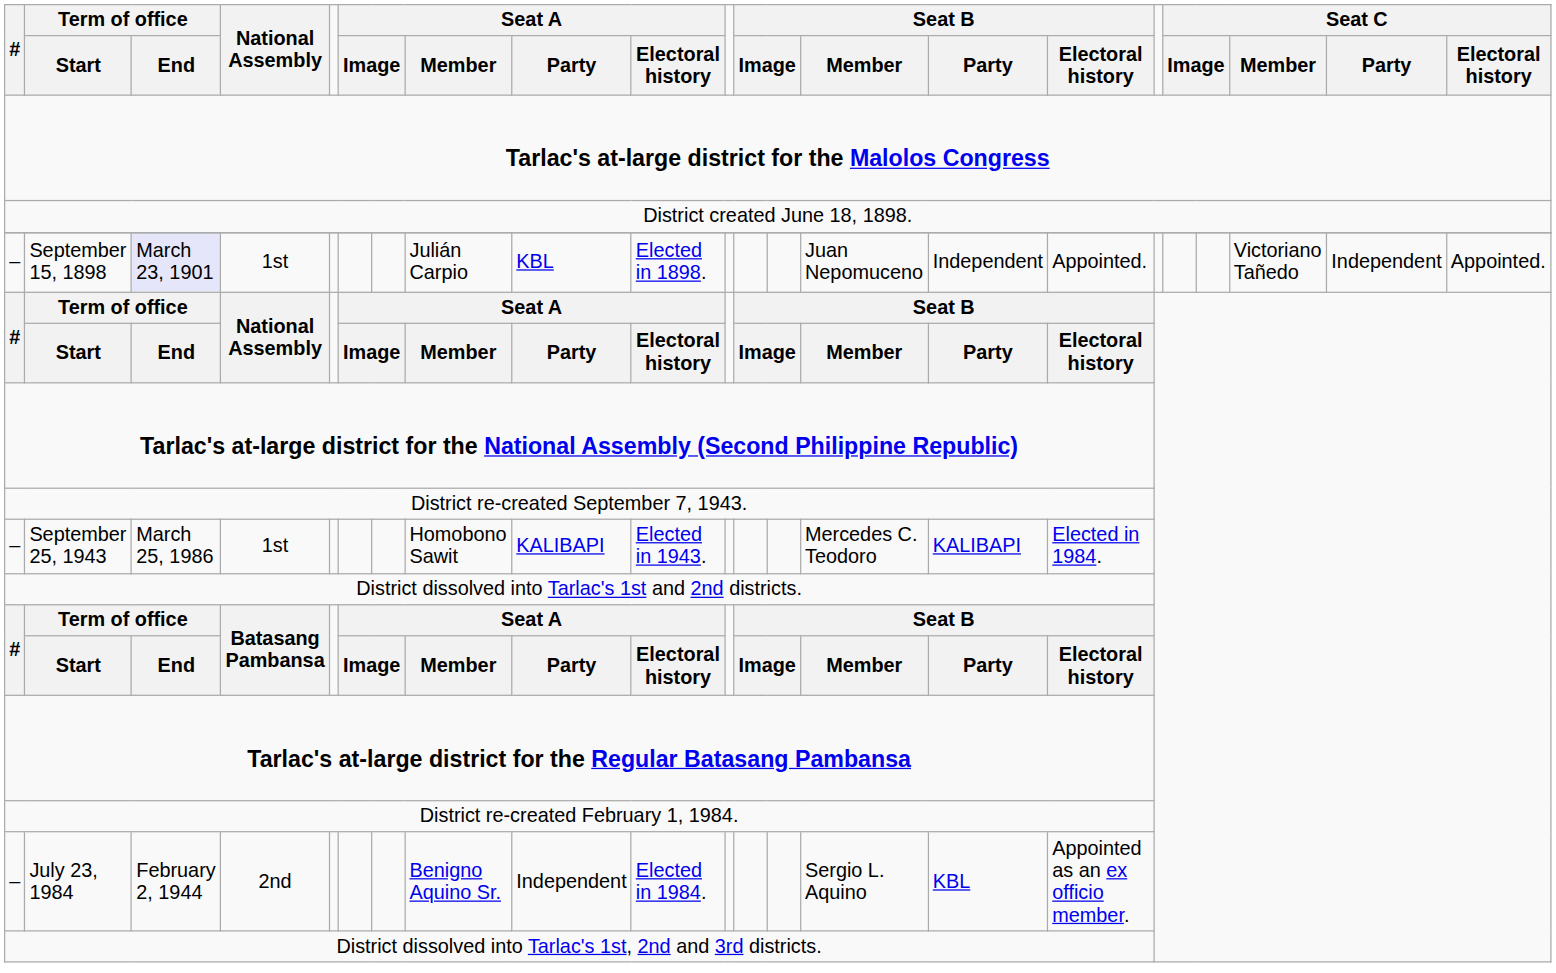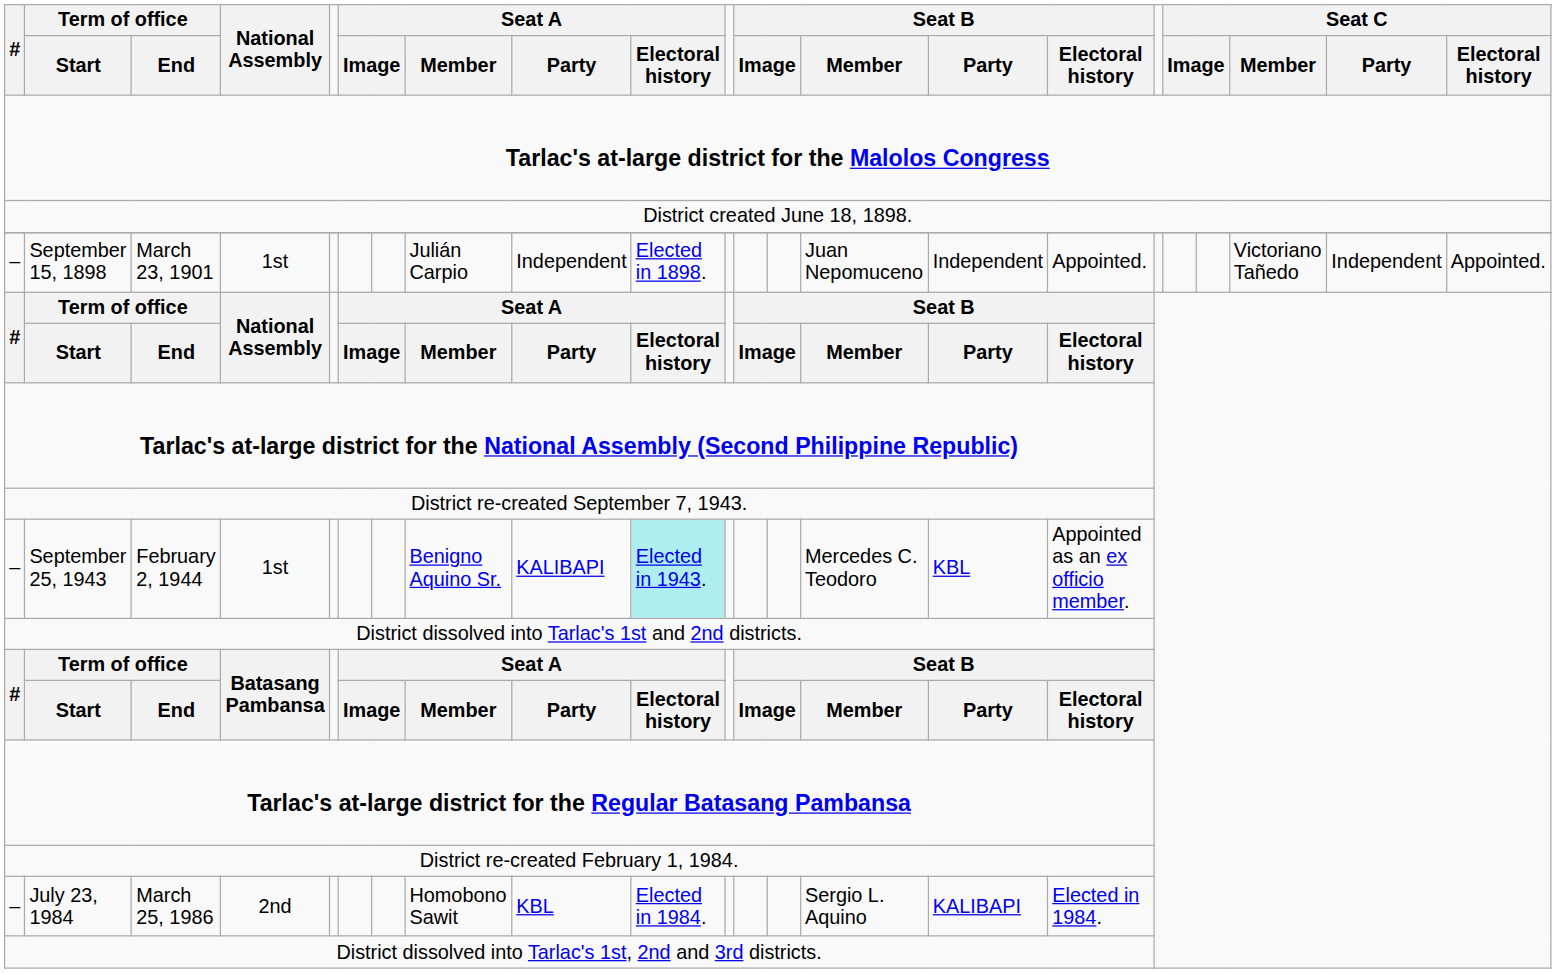 <table class=wikitable>
 <tr>
 <th rowspan=2>#</th>
 <th colspan=2>Term of office</th>
 <th rowspan=2>National<br>Assembly</th>
 <td rowspan=2></td>
 <th colspan=5>Seat A</th>
 <td rowspan=2></td>
 <th colspan=5>Seat B</th>
 <td rowspan=2></td>
 <th colspan=5>Seat C</th>
 </tr>
 <tr style="height:3em">
 <th>Start</th>
 <th>End</th>
 <th colspan="2" style="text-align:center;">Image</th>
 <th>Member</th>
 <th>Party</th>
 <th>Electoral history</th>
 <th colspan="2" style="text-align:center;">Image</th>
 <th>Member</th>
 <th>Party</th>
 <th>Electoral history</th>
 <th colspan="2" style="text-align:center;">Image</th>
 <th>Member</th>
 <th>Party</th>
 <th>Electoral history</th>
 </tr>
 <tr>
 <td colspan="22" style="text-align:center;"><br><h3>Tarlac's at-large district for the <a href='#'>Malolos Congress</a></h3></td>
 </tr>
 <tr>
 <td colspan="22" style="text-align:center;">District created June 18, 1898.</td>
 </tr>
 <tr>
 </tr>
 <tr style="height:3em">
 <td style="text-align:center;">–</td>
 <td>September 15, 1898</td>
-<td style="background: lavender;">March 23, 1901</td>
+<td>March 23, 1901</td>
 <td style="text-align:center;">1st</td>
 <td></td>
 <td style="background:"></td>
 <td></td>
 <td>Julián Carpio</td>
-<td><a href='#'>KBL</a></td>
+<td>Independent</td>
 <td><a href='#'>Elected in 1898</a>.</td>
 <td></td>
 <td style="background:"></td>
 <td></td>
 <td>Juan Nepomuceno</td>
 <td>Independent</td>
 <td>Appointed.</td>
 <td></td>
 <td style="background:"></td>
 <td></td>
 <td>Victoriano Tañedo</td>
 <td>Independent</td>
 <td>Appointed.</td>
 </tr>
 <tr>
 <th rowspan=2>#</th>
 <th colspan=2>Term of office</th>
 <th rowspan=2>National<br>Assembly</th>
 <td rowspan=2></td>
 <th colspan=5>Seat A</th>
 <td rowspan=2></td>
 <th colspan=5>Seat B</th>
 </tr>
 <tr style="height:3em">
 <th>Start</th>
 <th>End</th>
 <th colspan="2" style="text-align:center;">Image</th>
 <th>Member</th>
 <th>Party</th>
 <th>Electoral history</th>
 <th colspan="2" style="text-align:center;">Image</th>
 <th>Member</th>
 <th>Party</th>
 <th>Electoral history</th>
 </tr>
 <tr>
 <td colspan="16" style="text-align:center;"><br><h3>Tarlac's at-large district for the <a href='#'>National Assembly (Second Philippine Republic)</a></h3></td>
 </tr>
 <tr>
 <td colspan="16" style="text-align:center;">District re-created September 7, 1943.</td>
 </tr>
 <tr>
 <td style="text-align:center;">–</td>
 <td>September 25, 1943</td>
-<td>March 25, 1986</td>
+<td>February 2, 1944</td>
 <td style="text-align:center;">1st</td>
 <td></td>
 <td style="background:"></td>
 <td></td>
-<td>Homobono Sawit</td>
+<td><a href='#'>Benigno Aquino Sr.</a></td>
 <td><a href='#'>KALIBAPI</a></td>
-<td><a href='#'>Elected in 1943</a>.</td>
+<td style="background: paleturquoise;"><a href='#'>Elected in 1943</a>.</td>
 <td></td>
 <td style="background:"></td>
 <td></td>
 <td>Mercedes C. Teodoro</td>
-<td><a href='#'>KALIBAPI</a></td>
-<td><a href='#'>Elected in 1984</a>.</td>
+<td><a href='#'>KBL</a></td>
+<td>Appointed as an <a href='#'>ex officio member</a>.</td>
 </tr>
 <tr>
 <td colspan="16" style="text-align:center;">District dissolved into <a href='#'>Tarlac's 1st</a> and <a href='#'>2nd</a> districts.</td>
 </tr>
 <tr>
 <th rowspan=2>#</th>
 <th colspan=2>Term of office</th>
 <th rowspan=2>Batasang<br>Pambansa</th>
 <td rowspan=2></td>
 <th colspan=5>Seat A</th>
 <td rowspan=2></td>
 <th colspan=5>Seat B</th>
 </tr>
 <tr style="height:3em">
 <th>Start</th>
 <th>End</th>
 <th colspan="2" style="text-align:center;">Image</th>
 <th>Member</th>
 <th>Party</th>
 <th>Electoral history</th>
 <th colspan="2" style="text-align:center;">Image</th>
 <th>Member</th>
 <th>Party</th>
 <th>Electoral history</th>
 </tr>
 <tr>
 <td colspan="16" style="text-align:center;"><br><h3>Tarlac's at-large district for the <a href='#'>Regular Batasang Pambansa</a></h3></td>
 </tr>
 <tr>
 <td colspan="16" style="text-align:center;">District re-created February 1, 1984.</td>
 </tr>
 <tr style="height:3em">
 <td style="text-align:center;">–</td>
 <td>July 23, 1984</td>
-<td>February 2, 1944</td>
+<td>March 25, 1986</td>
 <td style="text-align:center;">2nd</td>
 <td></td>
 <td style="background:"></td>
 <td></td>
-<td><a href='#'>Benigno Aquino Sr.</a></td>
-<td>Independent</td>
+<td>Homobono Sawit</td>
+<td><a href='#'>KBL</a></td>
 <td><a href='#'>Elected in 1984</a>.</td>
 <td></td>
 <td style="background:"></td>
 <td></td>
 <td>Sergio L. Aquino</td>
-<td><a href='#'>KBL</a></td>
-<td>Appointed as an <a href='#'>ex officio member</a>.</td>
+<td><a href='#'>KALIBAPI</a></td>
+<td><a href='#'>Elected in 1984</a>.</td>
 </tr>
 <tr>
 <td colspan="16" style="text-align:center;">District dissolved into <a href='#'>Tarlac's 1st</a>, <a href='#'>2nd</a> and <a href='#'>3rd</a> districts.</td>
 </tr>
 </table>
